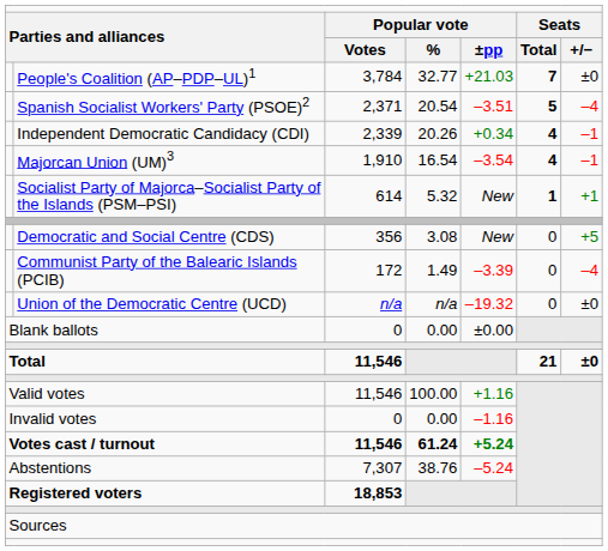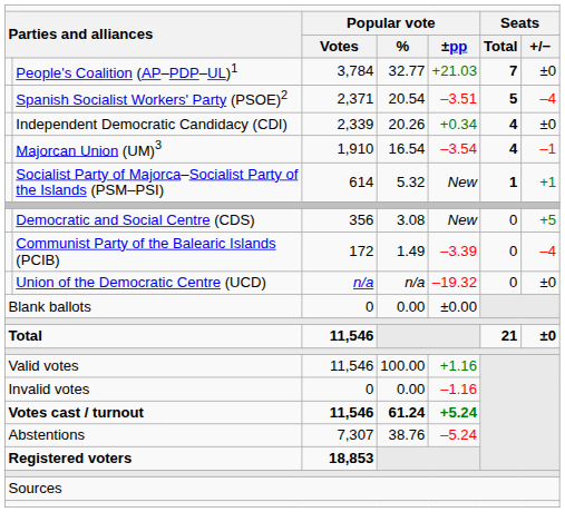 <table class="wikitable" style="text-align:right;">
 <tr>
 <td colspan="7"></td>
 </tr>
 <tr>
 <th style="text-align:left;" rowspan="2" colspan="2" width="525">Parties and alliances</th>
 <th colspan="3">Popular vote</th>
 <th colspan="2">Seats</th>
 </tr>
 <tr>
 <th width="75">Votes</th>
 <th width="45">%</th>
 <th width="45">±<a href='#'>pp</a></th>
 <th width="35">Total</th>
 <th width="35">+/−</th>
 </tr>
 <tr>
 <td width="1" style="color:inherit;background:"></td>
 <td align="left"><a href='#'>People's Coalition</a> (<a href='#'>AP</a>–<a href='#'>PDP</a>–<a href='#'>UL</a>)<sup>1</sup></td>
 <td>3,784</td>
 <td>32.77</td>
 <td style="color:green;">+21.03</td>
 <td><strong>7</strong></td>
 <td>±0</td>
 </tr>
 <tr>
 <td style="color:inherit;background:"></td>
 <td align="left"><a href='#'>Spanish Socialist Workers' Party</a> (PSOE)<sup>2</sup></td>
 <td>2,371</td>
 <td>20.54</td>
 <td style="color:red;">–3.51</td>
 <td><strong>5</strong></td>
 <td style="color:red;">–4</td>
 </tr>
 <tr>
 <td style="color:inherit;background:"></td>
 <td align="left">Independent Democratic Candidacy (CDI)</td>
 <td>2,339</td>
 <td>20.26</td>
 <td style="color:green;">+0.34</td>
 <td><strong>4</strong></td>
-<td style="color:red;">–1</td>
+<td>±0</td>
 </tr>
 <tr>
 <td style="color:inherit;background:"></td>
 <td align="left"><a href='#'>Majorcan Union</a> (UM)<sup>3</sup></td>
 <td>1,910</td>
 <td>16.54</td>
 <td style="color:red;">–3.54</td>
 <td><strong>4</strong></td>
 <td style="color:red;">–1</td>
 </tr>
 <tr>
 <td style="color:inherit;background:"></td>
 <td align="left"><a href='#'>Socialist Party of Majorca</a>–<a href='#'>Socialist Party of the Islands</a> (PSM–PSI)</td>
 <td>614</td>
 <td>5.32</td>
 <td><em>New</em></td>
 <td><strong>1</strong></td>
 <td style="color:green;">+1</td>
 </tr>
 <tr>
 <td colspan="7" bgcolor="#C0C0C0"></td>
 </tr>
 <tr>
 <td style="color:inherit;background:"></td>
 <td align="left"><a href='#'>Democratic and Social Centre</a> (CDS)</td>
 <td>356</td>
 <td>3.08</td>
 <td><em>New</em></td>
 <td>0</td>
 <td style="color:green;">+5</td>
 </tr>
 <tr>
 <td style="color:inherit;background:"></td>
 <td align="left"><a href='#'>Communist Party of the Balearic Islands</a> (PCIB)</td>
 <td>172</td>
 <td>1.49</td>
 <td style="color:red;">–3.39</td>
 <td>0</td>
 <td style="color:red;">–4</td>
 </tr>
 <tr>
 <td style="color:inherit;background:"></td>
 <td align="left"><a href='#'>Union of the Democratic Centre</a> (UCD)</td>
 <td><em><a href='#'>n/a</a></em></td>
 <td><em>n/a</em></td>
 <td style="color:red;">–19.32</td>
 <td>0</td>
 <td>±0</td>
 </tr>
 <tr>
 <td align="left" colspan="2">Blank ballots</td>
 <td>0</td>
 <td>0.00</td>
 <td>±0.00</td>
 <td bgcolor="#E9E9E9" colspan="2"></td>
 </tr>
 <tr>
 <td colspan="7" bgcolor="#E9E9E9"></td>
 </tr>
 <tr style="font-weight:bold;">
 <td align="left" colspan="2">Total</td>
 <td>11,546</td>
 <td bgcolor="#E9E9E9" colspan="2"></td>
 <td>21</td>
 <td>±0</td>
 </tr>
 <tr>
 <td colspan="7" bgcolor="#E9E9E9"></td>
 </tr>
 <tr>
 <td align="left" colspan="2">Valid votes</td>
 <td>11,546</td>
 <td>100.00</td>
 <td style="color:green;">+1.16</td>
 <td bgcolor="#E9E9E9" colspan="2" rowspan="5"></td>
 </tr>
 <tr>
 <td align="left" colspan="2">Invalid votes</td>
 <td>0</td>
 <td>0.00</td>
 <td style="color:red;">–1.16</td>
 </tr>
 <tr style="font-weight:bold;">
 <td align="left" colspan="2">Votes cast / turnout</td>
 <td>11,546</td>
 <td>61.24</td>
 <td style="color:green;">+5.24</td>
 </tr>
 <tr>
 <td align="left" colspan="2">Abstentions</td>
 <td>7,307</td>
 <td>38.76</td>
 <td style="color:red;">–5.24</td>
 </tr>
 <tr style="font-weight:bold;">
 <td align="left" colspan="2">Registered voters</td>
 <td>18,853</td>
 <td bgcolor="#E9E9E9" colspan="2"></td>
 </tr>
 <tr>
 <td colspan="7" bgcolor="#E9E9E9"></td>
 </tr>
 <tr>
 <td align="left" colspan="7">Sources</td>
 </tr>
 <tr>
 <td colspan="7" style="text-align:left; max-width:790px;"></td>
 </tr>
 </table>
